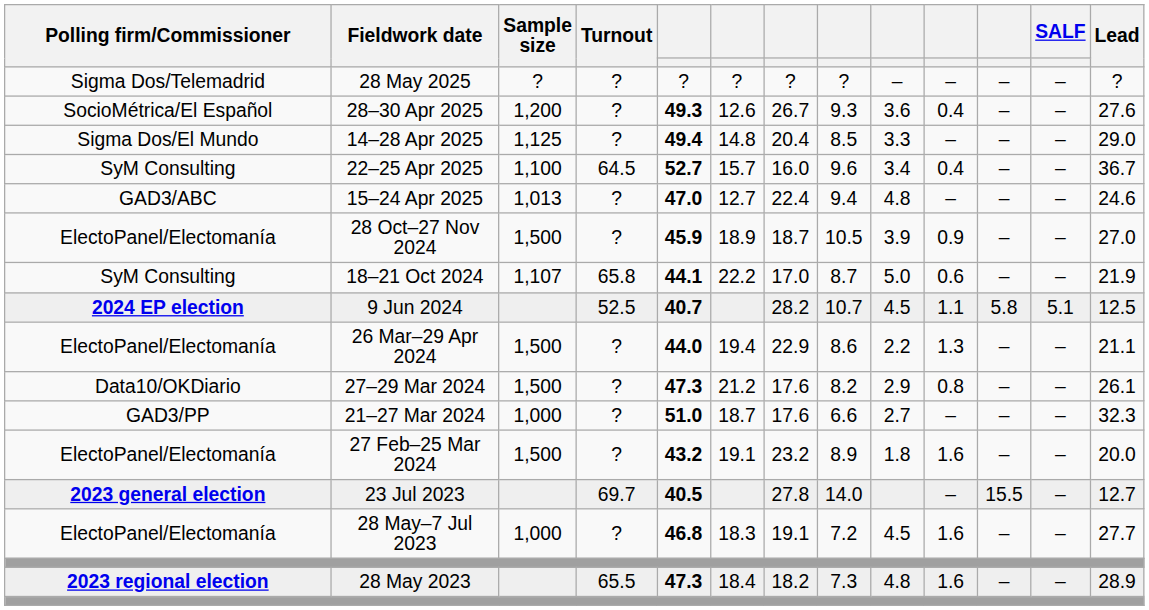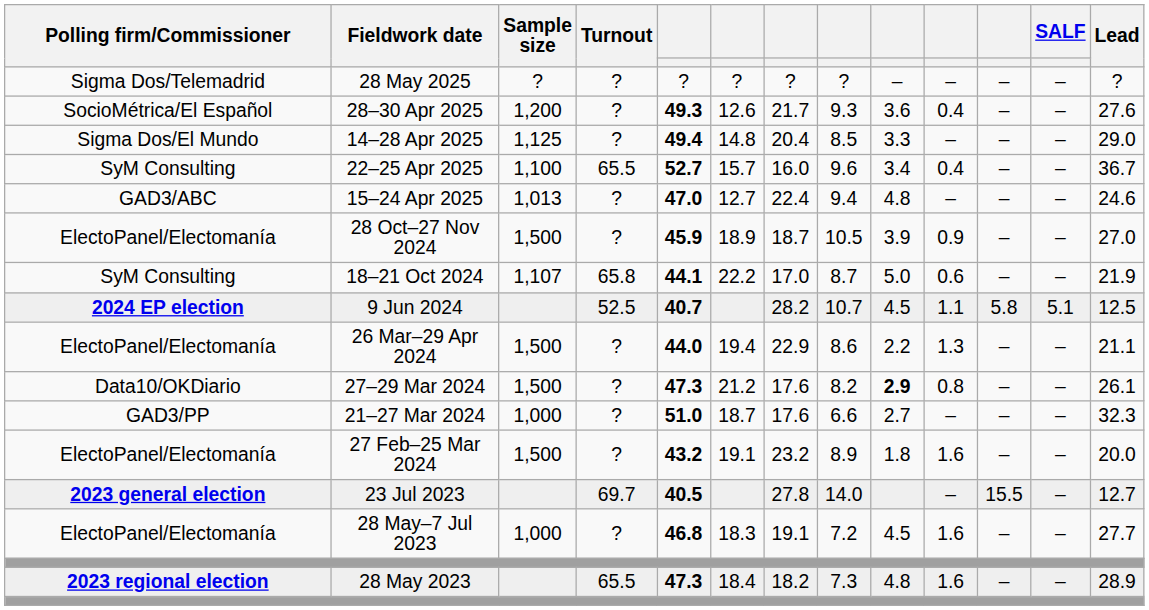 <table class="wikitable collapsible" style="text-align:center; font-size:95%; line-height:16px;">
 <tr style="height:42px;">
 <th style="width:250px;" rowspan="2">Polling firm/Commissioner</th>
 <th style="width:125px;" rowspan="2">Fieldwork date</th>
 <th style="width:50px;" rowspan="2">Sample size</th>
 <th style="width:45px;" rowspan="2">Turnout</th>
 <th style="width:35px;"></th>
 <th style="width:35px;"></th>
 <th style="width:35px;"></th>
 <th style="width:35px;"></th>
 <th style="width:35px;"><br></th>
 <th style="width:35px;"></th>
 <th style="width:35px;"></th>
 <th style="width:35px;"><a href='#'>SALF</a></th>
 <th style="width:30px;" rowspan="2">Lead</th>
 </tr>
 <tr>
 <th style="color:inherit;background:"></th>
 <th style="color:inherit;background:"></th>
 <th style="color:inherit;background:"></th>
 <th style="color:inherit;background:"></th>
 <th style="color:inherit;background:"></th>
 <th style="color:inherit;background:"></th>
 <th style="color:inherit;background:"></th>
 <th style="color:inherit;background:"></th>
 </tr>
 <tr>
 <td>Sigma Dos/Telemadrid</td>
 <td>28 May 2025</td>
 <td>?</td>
 <td>?</td>
 <td>?<br></td>
 <td>?<br></td>
 <td>?<br></td>
 <td>?<br></td>
 <td>–</td>
 <td>–</td>
 <td>–</td>
 <td>–</td>
 <td style="background:">?</td>
 </tr>
 <tr>
 <td>SocioMétrica/El Español</td>
 <td>28–30 Apr 2025</td>
 <td>1,200</td>
 <td>?</td>
 <td><strong>49.3</strong><br></td>
 <td>12.6<br></td>
-<td>26.7<br></td>
+<td>21.7<br></td>
 <td>9.3<br></td>
 <td>3.6<br></td>
 <td>0.4<br></td>
 <td>–</td>
 <td>–</td>
 <td style="background:">27.6</td>
 </tr>
 <tr>
 <td>Sigma Dos/El Mundo</td>
 <td>14–28 Apr 2025</td>
 <td>1,125</td>
 <td>?</td>
 <td><strong>49.4</strong><br></td>
 <td>14.8<br></td>
 <td>20.4<br></td>
 <td>8.5<br></td>
 <td>3.3<br></td>
 <td>–</td>
 <td>–</td>
 <td>–</td>
 <td style="background:">29.0</td>
 </tr>
 <tr>
 <td>SyM Consulting</td>
 <td>22–25 Apr 2025</td>
 <td>1,100</td>
-<td>64.5</td>
+<td>65.5</td>
 <td><strong>52.7</strong><br></td>
 <td>15.7<br></td>
 <td>16.0<br></td>
 <td>9.6<br></td>
 <td>3.4<br></td>
 <td>0.4<br></td>
 <td>–</td>
 <td>–</td>
 <td style="background:">36.7</td>
 </tr>
 <tr>
 <td>GAD3/ABC</td>
 <td>15–24 Apr 2025</td>
 <td>1,013</td>
 <td>?</td>
 <td><strong>47.0</strong><br></td>
 <td>12.7<br></td>
 <td>22.4<br></td>
 <td>9.4<br></td>
 <td>4.8<br></td>
 <td>–</td>
 <td>–</td>
 <td>–</td>
 <td style="background:">24.6</td>
 </tr>
 <tr>
 <td>ElectoPanel/Electomanía</td>
 <td>28 Oct–27 Nov 2024</td>
 <td>1,500</td>
 <td>?</td>
 <td><strong>45.9</strong><br></td>
 <td>18.9<br></td>
 <td>18.7<br></td>
 <td>10.5<br></td>
 <td>3.9<br></td>
 <td>0.9<br></td>
 <td>–</td>
 <td>–</td>
 <td style="background:">27.0</td>
 </tr>
 <tr>
 <td>SyM Consulting</td>
 <td>18–21 Oct 2024</td>
 <td>1,107</td>
 <td>65.8</td>
 <td><strong>44.1</strong><br></td>
 <td>22.2<br></td>
 <td>17.0<br></td>
 <td>8.7<br></td>
 <td>5.0<br></td>
 <td>0.6<br></td>
 <td>–</td>
 <td>–</td>
 <td style="background:">21.9</td>
 </tr>
 <tr style="background:#EFEFEF;">
 <td><strong><a href='#'>2024 EP election</a></strong></td>
 <td>9 Jun 2024</td>
 <td></td>
 <td>52.5</td>
 <td><strong>40.7</strong><br></td>
 <td></td>
 <td>28.2<br></td>
 <td>10.7<br></td>
 <td>4.5<br></td>
 <td>1.1<br></td>
 <td>5.8<br></td>
 <td>5.1<br></td>
 <td style="background:">12.5</td>
 </tr>
 <tr>
 <td>ElectoPanel/Electomanía</td>
 <td>26 Mar–29 Apr 2024</td>
 <td>1,500</td>
 <td>?</td>
 <td><strong>44.0</strong><br></td>
 <td>19.4<br></td>
 <td>22.9<br></td>
 <td>8.6<br></td>
 <td>2.2<br></td>
 <td>1.3<br></td>
 <td>–</td>
 <td>–</td>
 <td style="background:">21.1</td>
 </tr>
 <tr>
 <td>Data10/OKDiario</td>
 <td>27–29 Mar 2024</td>
 <td>1,500</td>
 <td>?</td>
 <td><strong>47.3</strong><br></td>
 <td>21.2<br></td>
 <td>17.6<br></td>
 <td>8.2<br></td>
-<td>2.9<br></td>
+<td><strong>2.9<br></strong></td>
 <td>0.8<br></td>
 <td>–</td>
 <td>–</td>
 <td style="background:">26.1</td>
 </tr>
 <tr>
 <td>GAD3/PP</td>
 <td>21–27 Mar 2024</td>
 <td>1,000</td>
 <td>?</td>
 <td><strong>51.0</strong><br></td>
 <td>18.7<br></td>
 <td>17.6<br></td>
 <td>6.6<br></td>
 <td>2.7<br></td>
 <td>–</td>
 <td>–</td>
 <td>–</td>
 <td style="background:">32.3</td>
 </tr>
 <tr>
 <td>ElectoPanel/Electomanía</td>
 <td>27 Feb–25 Mar 2024</td>
 <td>1,500</td>
 <td>?</td>
 <td><strong>43.2</strong><br></td>
 <td>19.1<br></td>
 <td>23.2<br></td>
 <td>8.9<br></td>
 <td>1.8<br></td>
 <td>1.6<br></td>
 <td>–</td>
 <td>–</td>
 <td style="background:">20.0</td>
 </tr>
 <tr style="background:#EFEFEF;">
 <td><strong><a href='#'>2023 general election</a></strong></td>
 <td>23 Jul 2023</td>
 <td></td>
 <td>69.7</td>
 <td><strong>40.5</strong><br></td>
 <td></td>
 <td>27.8<br></td>
 <td>14.0<br></td>
 <td></td>
 <td>–</td>
 <td>15.5<br></td>
 <td>–</td>
 <td style="background:">12.7</td>
 </tr>
 <tr>
 <td>ElectoPanel/Electomanía</td>
 <td>28 May–7 Jul 2023</td>
 <td>1,000</td>
 <td>?</td>
 <td><strong>46.8</strong><br></td>
 <td>18.3<br></td>
 <td>19.1<br></td>
 <td>7.2<br></td>
 <td>4.5<br></td>
 <td>1.6<br></td>
 <td>–</td>
 <td>–</td>
 <td style="background:">27.7</td>
 </tr>
 <tr>
 <td colspan="13" style="background:#A0A0A0"></td>
 </tr>
 <tr style="background:#EFEFEF;">
 <td><strong><a href='#'>2023 regional election</a></strong></td>
 <td>28 May 2023</td>
 <td></td>
 <td>65.5</td>
 <td><strong>47.3</strong><br></td>
 <td>18.4<br></td>
 <td>18.2<br></td>
 <td>7.3<br></td>
 <td>4.8<br></td>
 <td>1.6<br></td>
 <td>–</td>
 <td>–</td>
 <td style="background:">28.9</td>
 </tr>
 <tr>
 <td colspan="13" style="background:#A0A0A0"></td>
 </tr>
 </table>
